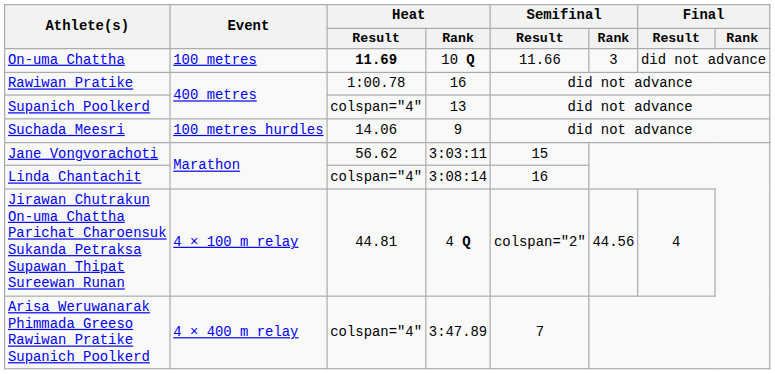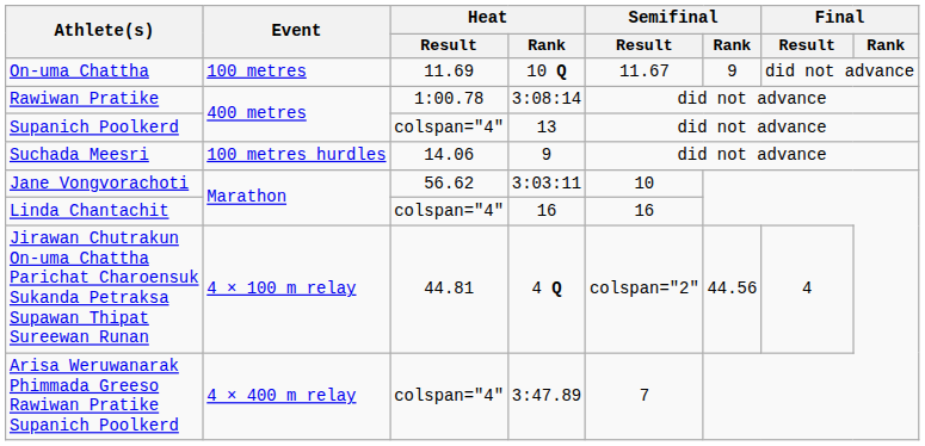 <table class="wikitable" style="font-size:90%">
 <tr>
 <th rowspan="2">Athlete(s)</th>
 <th rowspan="2">Event</th>
 <th colspan="2">Heat</th>
 <th colspan="2">Semifinal</th>
 <th colspan="2">Final</th>
 </tr>
 <tr style="font-size:95%">
 <th>Result</th>
 <th>Rank</th>
 <th>Result</th>
 <th>Rank</th>
 <th>Result</th>
 <th>Rank</th>
 </tr>
 <tr align=center>
 <td align=left><a href='#'>On-uma Chattha</a></td>
 <td style="text-align:left;"><a href='#'>100 metres</a></td>
-<td><strong>11.69</strong></td>
+<td>11.69</td>
 <td>10 <strong>Q</strong></td>
-<td>11.66</td>
-<td>3</td>
+<td>11.67</td>
+<td>9</td>
 <td colspan="2">did not advance</td>
 </tr>
 <tr align=center>
 <td align=left><a href='#'>Rawiwan Pratike</a></td>
 <td style="text-align:left;" rowspan="2"><a href='#'>400 metres</a></td>
 <td>1:00.78</td>
-<td>16</td>
+<td>3:08:14</td>
 <td colspan="4">did not advance</td>
 </tr>
 <tr align=center>
 <td align=left><a href='#'>Supanich Poolkerd</a></td>
 <td>colspan="4" </td>
 <td>13</td>
 <td colspan="4">did not advance</td>
 </tr>
 <tr align=center>
 <td align=left><a href='#'>Suchada Meesri</a></td>
 <td style="text-align:left;"><a href='#'>100 metres hurdles</a></td>
 <td>14.06</td>
 <td>9</td>
 <td colspan="4">did not advance</td>
 </tr>
 <tr align=center>
 <td align=left><a href='#'>Jane Vongvorachoti</a></td>
 <td style="text-align:left;" rowspan="2"><a href='#'>Marathon</a></td>
 <td>56.62</td>
 <td>3:03:11</td>
-<td>15</td>
+<td>10</td>
 </tr>
 <tr align=center>
 <td align=left><a href='#'>Linda Chantachit</a></td>
 <td>colspan="4" </td>
-<td>3:08:14</td>
+<td>16</td>
 <td>16</td>
 </tr>
 <tr align=center>
 <td align=left><a href='#'>Jirawan Chutrakun</a><br><a href='#'>On-uma Chattha</a><br><a href='#'>Parichat Charoensuk</a><br><a href='#'>Sukanda Petraksa</a><br><a href='#'>Supawan Thipat</a><br><a href='#'>Sureewan Runan</a></td>
 <td style="text-align:left;"><a href='#'>4 × 100 m relay</a></td>
 <td>44.81</td>
 <td>4 <strong>Q</strong></td>
 <td>colspan="2" </td>
 <td>44.56</td>
 <td>4</td>
 </tr>
 <tr align=center>
 <td align=left><a href='#'>Arisa Weruwanarak</a><br><a href='#'>Phimmada Greeso</a><br><a href='#'>Rawiwan Pratike</a><br><a href='#'>Supanich Poolkerd</a></td>
 <td style="text-align:left;"><a href='#'>4 × 400 m relay</a></td>
 <td>colspan="4" </td>
 <td>3:47.89</td>
 <td>7</td>
 </tr>
 </table>
